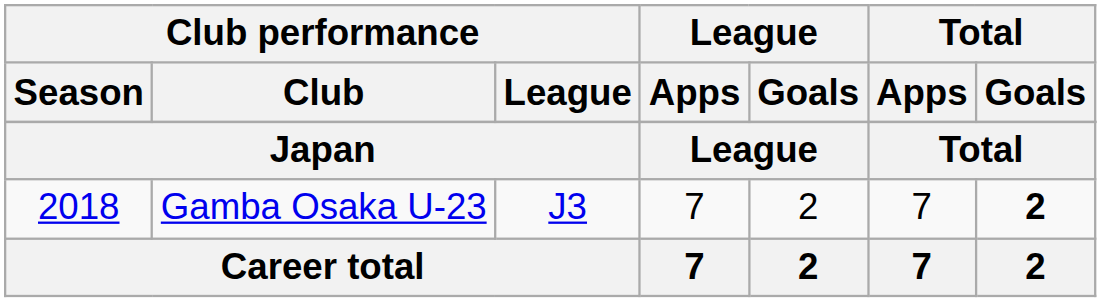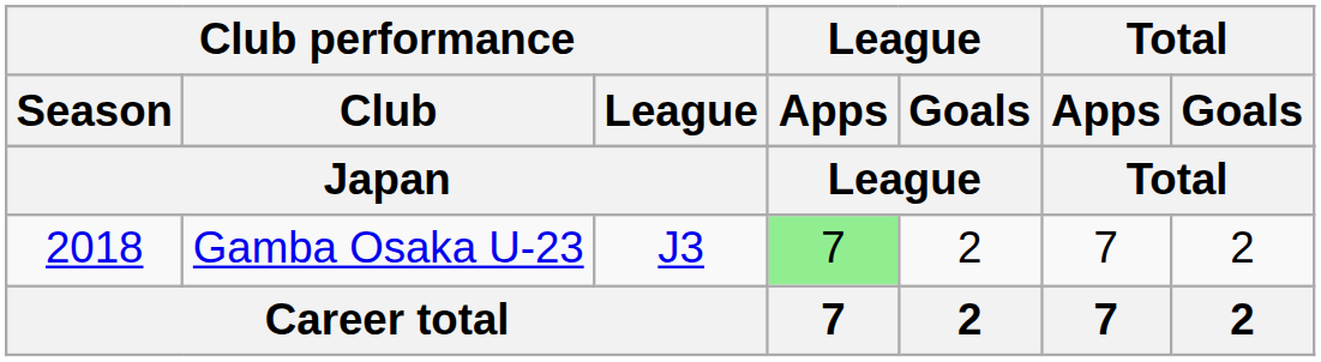 <table class="wikitable" style="text-align:center">
 <tr>
 <th colspan=3>Club performance</th>
 <th colspan=2>League</th>
 <th colspan=2>Total</th>
 </tr>
 <tr>
 <th>Season</th>
 <th>Club</th>
 <th>League</th>
 <th>Apps</th>
 <th>Goals</th>
 <th>Apps</th>
 <th>Goals</th>
 </tr>
 <tr>
 </tr>
 <tr>
 <th colspan=3>Japan</th>
 <th colspan=2>League</th>
 <th colspan=2>Total</th>
 </tr>
 <tr>
 <td><a href='#'>2018</a></td>
 <td><a href='#'>Gamba Osaka U-23</a></td>
 <td><a href='#'>J3</a></td>
+<td style="background: lightgreen;">7</td>
+<td>2</td>
 <td>7</td>
 <td>2</td>
-<td>7</td>
-<td><strong>2</strong></td>
 </tr>
 <tr>
 <th colspan=3>Career total</th>
 <th>7</th>
 <th>2</th>
 <th>7</th>
 <th>2</th>
 </tr>
 </table>
